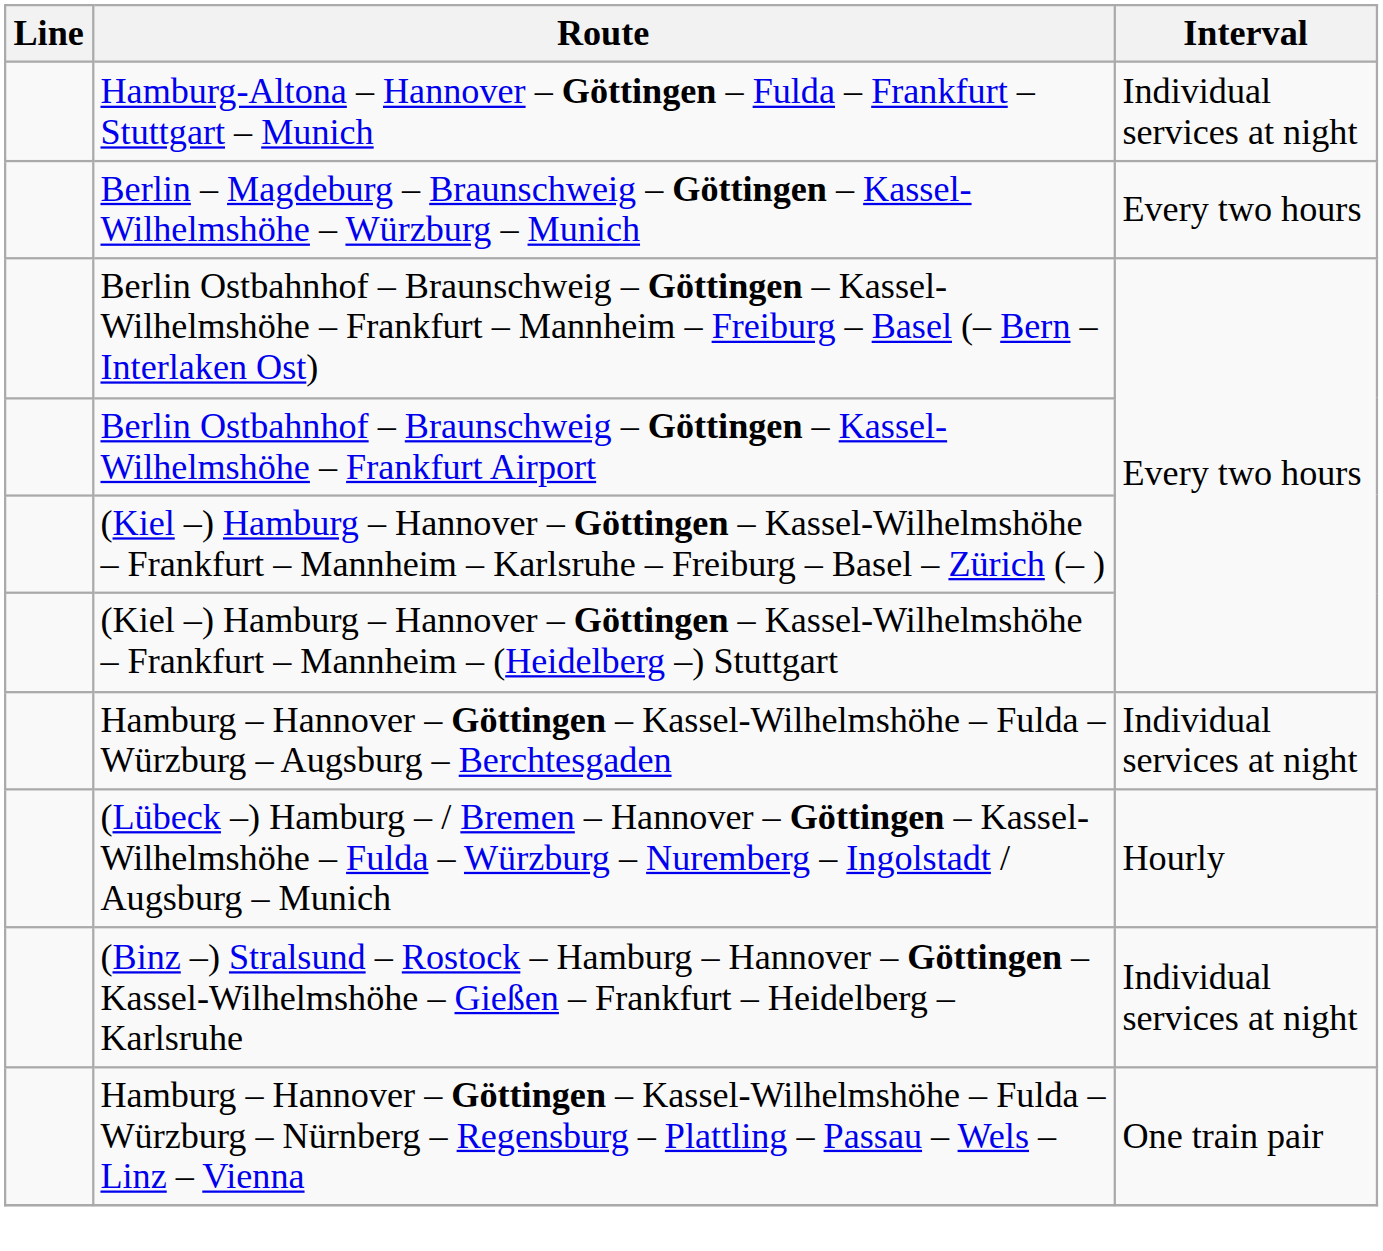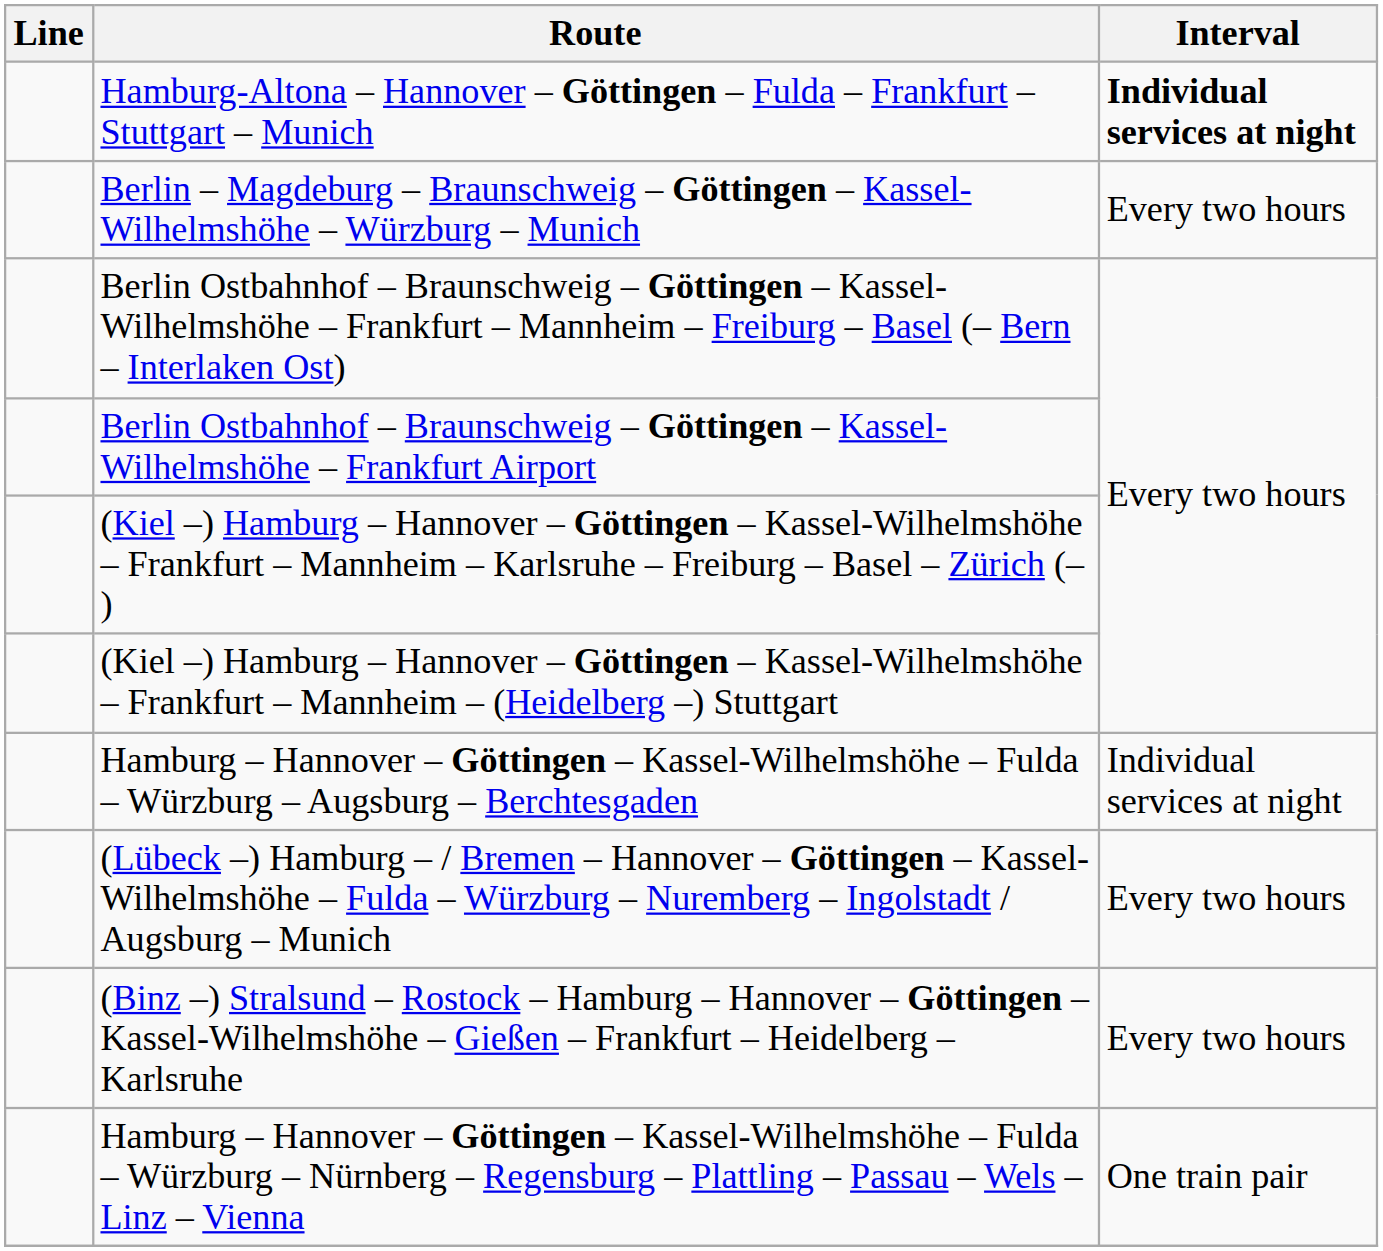 <table class="wikitable zebra">
 <tr class="hintergrundfarbe5">
 <th>Line</th>
 <th>Route</th>
 <th>Interval</th>
 </tr>
 <tr>
 <td></td>
 <td><a href='#'>Hamburg-Altona</a> – <a href='#'>Hannover</a> – <strong>Göttingen</strong> – <a href='#'>Fulda</a> – <a href='#'>Frankfurt</a> – <a href='#'>Stuttgart</a> – <a href='#'>Munich</a></td>
-<td>Individual services at night</td>
+<td><strong>Individual services at night</strong></td>
 </tr>
 <tr>
 <td></td>
 <td><a href='#'>Berlin</a> – <a href='#'>Magdeburg</a> – <a href='#'>Braunschweig</a> – <strong>Göttingen</strong> – <a href='#'>Kassel-Wilhelmshöhe</a> – <a href='#'>Würzburg</a> – <a href='#'>Munich</a></td>
 <td>Every two hours</td>
 </tr>
 <tr>
 <td></td>
 <td>Berlin Ostbahnhof – Braunschweig – <strong>Göttingen</strong> – Kassel-Wilhelmshöhe – Frankfurt – Mannheim – <a href='#'>Freiburg</a> – <a href='#'>Basel</a> (– <a href='#'>Bern</a> – <a href='#'>Interlaken Ost</a>)</td>
 <td rowspan="4">Every two hours</td>
 </tr>
 <tr>
 <td></td>
 <td><a href='#'>Berlin Ostbahnhof</a> – <a href='#'>Braunschweig</a> – <strong>Göttingen</strong> – <a href='#'>Kassel-Wilhelmshöhe</a> –  <a href='#'>Frankfurt Airport</a></td>
 </tr>
 <tr>
 <td></td>
 <td>(<a href='#'>Kiel</a> –) <a href='#'>Hamburg</a> – Hannover – <strong>Göttingen</strong> – Kassel-Wilhelmshöhe – Frankfurt – Mannheim – Karlsruhe – Freiburg – Basel – <a href='#'>Zürich</a> (– )</td>
 </tr>
 <tr>
 <td></td>
 <td>(Kiel –) Hamburg – Hannover – <strong>Göttingen</strong> – Kassel-Wilhelmshöhe – Frankfurt –  Mannheim – (<a href='#'>Heidelberg</a> –) Stuttgart</td>
 </tr>
 <tr>
 <td></td>
 <td>Hamburg – Hannover – <strong>Göttingen</strong> – Kassel-Wilhelmshöhe – Fulda – Würzburg – Augsburg – <a href='#'>Berchtesgaden</a></td>
 <td>Individual services at night</td>
 </tr>
 <tr>
 <td></td>
 <td>(<a href='#'>Lübeck</a> –) Hamburg – / <a href='#'>Bremen</a> – Hannover – <strong>Göttingen</strong> – Kassel-Wilhelmshöhe – <a href='#'>Fulda</a> – <a href='#'>Würzburg</a> – <a href='#'>Nuremberg</a> – <a href='#'>Ingolstadt</a> / Augsburg – Munich</td>
-<td>Hourly</td>
+<td>Every two hours</td>
 </tr>
 <tr>
 <td></td>
 <td>(<a href='#'>Binz</a> –) <a href='#'>Stralsund</a> – <a href='#'>Rostock</a> – Hamburg – Hannover – <strong>Göttingen</strong> – Kassel-Wilhelmshöhe – <a href='#'>Gießen</a> – Frankfurt – Heidelberg – Karlsruhe</td>
-<td>Individual services at night</td>
+<td>Every two hours</td>
 </tr>
 <tr>
 <td></td>
 <td>Hamburg – Hannover – <strong>Göttingen</strong> – Kassel-Wilhelmshöhe – Fulda – Würzburg – Nürnberg – <a href='#'>Regensburg</a> – <a href='#'>Plattling</a> – <a href='#'>Passau</a> – <a href='#'>Wels</a> – <a href='#'>Linz</a> –  <a href='#'>Vienna</a></td>
 <td>One train pair</td>
 </tr>
 <tr>
 </tr>
 </table>
